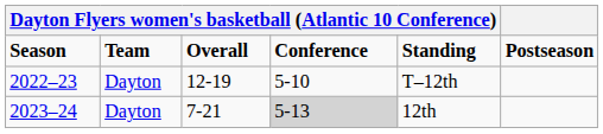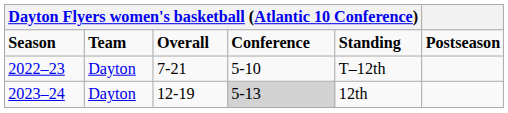 <table class="wikitable">
 <tr>
 <th colspan="5"><a href='#'>Dayton Flyers women's basketball</a> (<a href='#'>Atlantic 10 Conference</a>)</th>
 <th></th>
 </tr>
 <tr>
 <td><strong>Season</strong></td>
 <td><strong>Team</strong></td>
 <td><strong>Overall</strong></td>
 <td><strong>Conference</strong></td>
 <td><strong>Standing</strong></td>
 <td><strong>Postseason</strong></td>
 </tr>
 <tr>
 <td><a href='#'>2022–23</a></td>
 <td><a href='#'>Dayton</a></td>
-<td>12-19</td>
+<td>7-21</td>
 <td>5-10</td>
 <td>T–12th</td>
 <td></td>
 </tr>
 <tr>
 <td><a href='#'>2023–24</a></td>
 <td><a href='#'>Dayton</a></td>
-<td>7-21</td>
+<td>12-19</td>
 <td style="background: lightgrey;">5-13</td>
 <td>12th</td>
 <td></td>
 </tr>
 </table>
